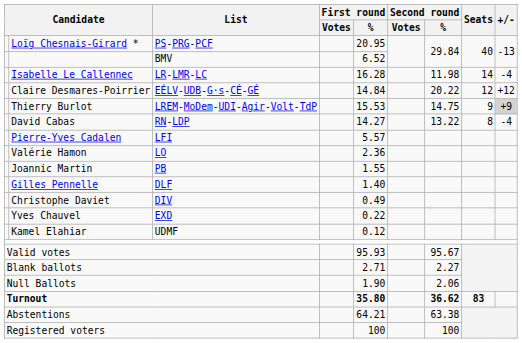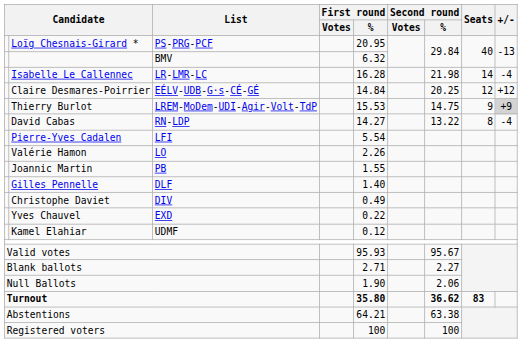 <table class="wikitable centre" style="text-align:right;">
 <tr>
 <th rowspan=2 colspan=2 scope=col>Candidate</th>
 <th rowspan=2 scope=col>List</th>
 <th colspan=2 scope=col>First round</th>
 <th colspan=2 scope=col>Second round</th>
 <th rowspan=2 scope=col>Seats</th>
 <th rowspan=2 scope=col>+/-</th>
 </tr>
 <tr>
 <th scope=col>Votes</th>
 <th scope=col>%</th>
 <th scope=col>Votes</th>
 <th scope=col>%</th>
 </tr>
 <tr>
 <td style="color:inherit;background:"></td>
 <td align="left"><a href='#'>Loïg Chesnais-Girard</a> *</td>
 <td align="left"><a href='#'>PS</a>-<a href='#'>PRG</a>-<a href='#'>PCF</a></td>
 <td></td>
 <td>20.95</td>
 <td rowspan="2"></td>
 <td rowspan="2">29.84</td>
 <td rowspan="2">40</td>
 <td rowspan="2" align="center">-13</td>
 </tr>
 <tr>
 <td style="color:inherit;background:"></td>
 <td align="left"></td>
 <td align="left">BMV</td>
 <td></td>
-<td>6.52</td>
+<td>6.32</td>
 </tr>
 <tr>
 <td style="color:inherit;background:"></td>
 <td align="left"><a href='#'>Isabelle Le Callennec</a></td>
 <td align="left"><a href='#'>LR</a>-<a href='#'>LMR</a>-<a href='#'>LC</a></td>
 <td></td>
 <td>16.28</td>
 <td></td>
-<td>11.98</td>
+<td>21.98</td>
 <td>14</td>
 <td align="center">-4</td>
 </tr>
 <tr>
 <td style="color:inherit;background:"></td>
 <td align="left">Claire Desmares-Poirrier</td>
 <td align="left"><a href='#'>EÉLV</a>-<a href='#'>UDB</a>-<a href='#'>G·s</a>-<a href='#'>CÉ</a>-<a href='#'>GÉ</a></td>
 <td></td>
 <td>14.84</td>
 <td></td>
-<td>20.22</td>
+<td>20.25</td>
 <td>12</td>
 <td align="center">+12</td>
 </tr>
 <tr>
 <td style="color:inherit;background:"></td>
 <td align="left">Thierry Burlot</td>
 <td align="left"><a href='#'>LREM</a>-<a href='#'>MoDem</a>-<a href='#'>UDI</a>-<a href='#'>Agir</a>-<a href='#'>Volt</a>-<a href='#'>TdP</a></td>
 <td></td>
 <td>15.53</td>
 <td></td>
 <td>14.75</td>
 <td>9</td>
 <td align="center" style="background: lightgrey;">+9</td>
 </tr>
 <tr>
 <td style="color:inherit;background:"></td>
 <td align="left">David Cabas</td>
 <td align="left"><a href='#'>RN</a>-<a href='#'>LDP</a></td>
 <td></td>
 <td>14.27</td>
 <td></td>
 <td>13.22</td>
 <td>8</td>
 <td align="center">-4</td>
 </tr>
 <tr>
 <td style="color:inherit;background:"></td>
 <td align="left"><a href='#'>Pierre-Yves Cadalen</a></td>
 <td align="left"><a href='#'>LFI</a></td>
 <td></td>
-<td>5.57</td>
+<td>5.54</td>
 <td></td>
 <td></td>
 <td></td>
 <td align="center"></td>
 </tr>
 <tr>
 <td style="color:inherit;background:"></td>
 <td align="left">Valérie Hamon</td>
 <td align="left"><a href='#'>LO</a></td>
 <td></td>
-<td>2.36</td>
+<td>2.26</td>
 <td></td>
 <td></td>
 <td></td>
 <td align="center"></td>
 </tr>
 <tr>
 <td style="color:inherit;background:"></td>
 <td align="left">Joannic Martin</td>
 <td align="left"><a href='#'>PB</a></td>
 <td></td>
 <td>1.55</td>
 <td></td>
 <td></td>
 <td></td>
 <td align="center"></td>
 </tr>
 <tr>
 <td style="color:inherit;background:"></td>
 <td align="left"><a href='#'>Gilles Pennelle</a></td>
 <td align="left"><a href='#'>DLF</a></td>
 <td></td>
 <td>1.40</td>
 <td></td>
 <td></td>
 <td></td>
 <td align="center"></td>
 </tr>
 <tr>
 <td style="color:inherit;background:"></td>
 <td align="left">Christophe Daviet</td>
 <td align="left"><a href='#'>DIV</a></td>
 <td></td>
 <td>0.49</td>
 <td></td>
 <td></td>
 <td></td>
 <td align="center"></td>
 </tr>
 <tr>
 <td style="color:inherit;background:"></td>
 <td align="left">Yves Chauvel</td>
 <td align="left"><a href='#'>EXD</a></td>
 <td></td>
 <td>0.22</td>
 <td></td>
 <td></td>
 <td></td>
 <td align="center"></td>
 </tr>
 <tr>
 <td style="color:inherit;background:"></td>
 <td align="left">Kamel Elahiar</td>
 <td align="left">UDMF</td>
 <td></td>
 <td>0.12</td>
 <td></td>
 <td></td>
 <td></td>
 <td align="center"></td>
 </tr>
 <tr style="background:white;">
 <td colspan=9></td>
 </tr>
 <tr>
 <td colspan=3 style="text-align:left;">Valid votes</td>
 <td></td>
 <td>95.93</td>
 <td></td>
 <td>95.67</td>
 <td colspan="2" rowspan="3" bgcolor=#F4F4F4></td>
 </tr>
 <tr>
 <td colspan=3 style="text-align:left;">Blank ballots</td>
 <td></td>
 <td>2.71</td>
 <td></td>
 <td>2.27</td>
 </tr>
 <tr>
 <td colspan=3 style="text-align:left;">Null Ballots</td>
 <td></td>
 <td>1.90</td>
 <td></td>
 <td>2.06</td>
 </tr>
 <tr style="font-weight:bold;">
 <td colspan=3 style="text-align:left;">Turnout</td>
 <td></td>
 <td>35.80</td>
 <td></td>
 <td>36.62</td>
 <td align=center>83</td>
 <td align=center></td>
 </tr>
 <tr>
 <td colspan=3 style="text-align:left;">Abstentions</td>
 <td></td>
 <td>64.21</td>
 <td></td>
 <td>63.38</td>
 <td colspan="2" rowspan="2" bgcolor=#F4F4F4></td>
 </tr>
 <tr>
 <td colspan=3 style="text-align:left;">Registered voters</td>
 <td></td>
 <td>100</td>
 <td></td>
 <td>100</td>
 </tr>
 </table>
